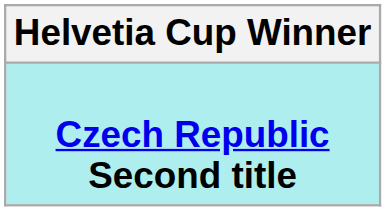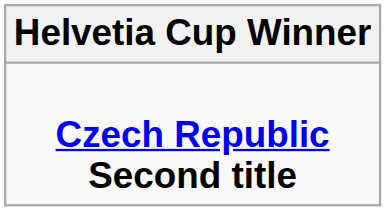 <table class=wikitable style="text-align:center; margin:0 auto;">
 <tr>
 <th>Helvetia Cup Winner</th>
 </tr>
 <tr>
-<td style="background: paleturquoise;"> <br> <strong><a href='#'>Czech Republic</a></strong> <br> <strong>Second title</strong></td>
+<td> <br> <strong><a href='#'>Czech Republic</a></strong> <br> <strong>Second title</strong></td>
 </tr>
 </table>
